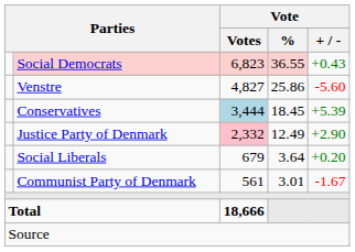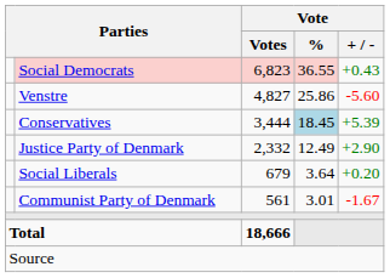 <table class="wikitable" style="text-align:right;">
 <tr>
 <th style="text-align:centre;" rowspan="2" colspan="2" width="225">Parties</th>
 <th colspan="3">Vote</th>
 </tr>
 <tr>
 <th width="15">Votes</th>
 <th width="15">%</th>
 <th width="15">+ / -</th>
 </tr>
 <tr>
 <td width="2" style="color:inherit;background:"></td>
 <td bgcolor=#fbd0ce  align="left"><a href='#'>Social Democrats</a></td>
 <td bgcolor=#fbd0ce>6,823</td>
 <td bgcolor=#fbd0ce>36.55</td>
 <td style=color:green;>+0.43</td>
 </tr>
 <tr>
 <td width="2" style="color:inherit;background:"></td>
 <td align="left"><a href='#'>Venstre</a></td>
 <td>4,827</td>
 <td>25.86</td>
 <td style=color:red;>-5.60</td>
 </tr>
 <tr>
 <td width="2" style="color:inherit;background:"></td>
 <td align="left"><a href='#'>Conservatives</a></td>
-<td style="background: lightblue;">3,444</td>
-<td>18.45</td>
+<td>3,444</td>
+<td style="background: lightblue;">18.45</td>
 <td style=color:green;>+5.39</td>
 </tr>
 <tr>
 <td width="2" style="color:inherit;background:"></td>
 <td align="left"><a href='#'>Justice Party of Denmark</a></td>
-<td style="background: pink;">2,332</td>
+<td>2,332</td>
 <td>12.49</td>
 <td style=color:green;>+2.90</td>
 </tr>
 <tr>
 <td width="2" style="color:inherit;background:"></td>
 <td align="left"><a href='#'>Social Liberals</a></td>
 <td>679</td>
 <td>3.64</td>
 <td style=color:green;>+0.20</td>
 </tr>
 <tr>
 <td width="2" style="color:inherit;background:"></td>
 <td align="left"><a href='#'>Communist Party of Denmark</a></td>
 <td>561</td>
 <td>3.01</td>
 <td style=color:red;>-1.67</td>
 </tr>
 <tr>
 <td colspan="7" bgcolor="#E9E9E9"></td>
 </tr>
 <tr>
 <td align="left" colspan="2"><strong>Total</strong></td>
 <td><strong>18,666</strong></td>
 <td bgcolor="#E9E9E9" colspan="2"></td>
 </tr>
 <tr>
 <td align="left" colspan="6">Source</td>
 </tr>
 </table>
